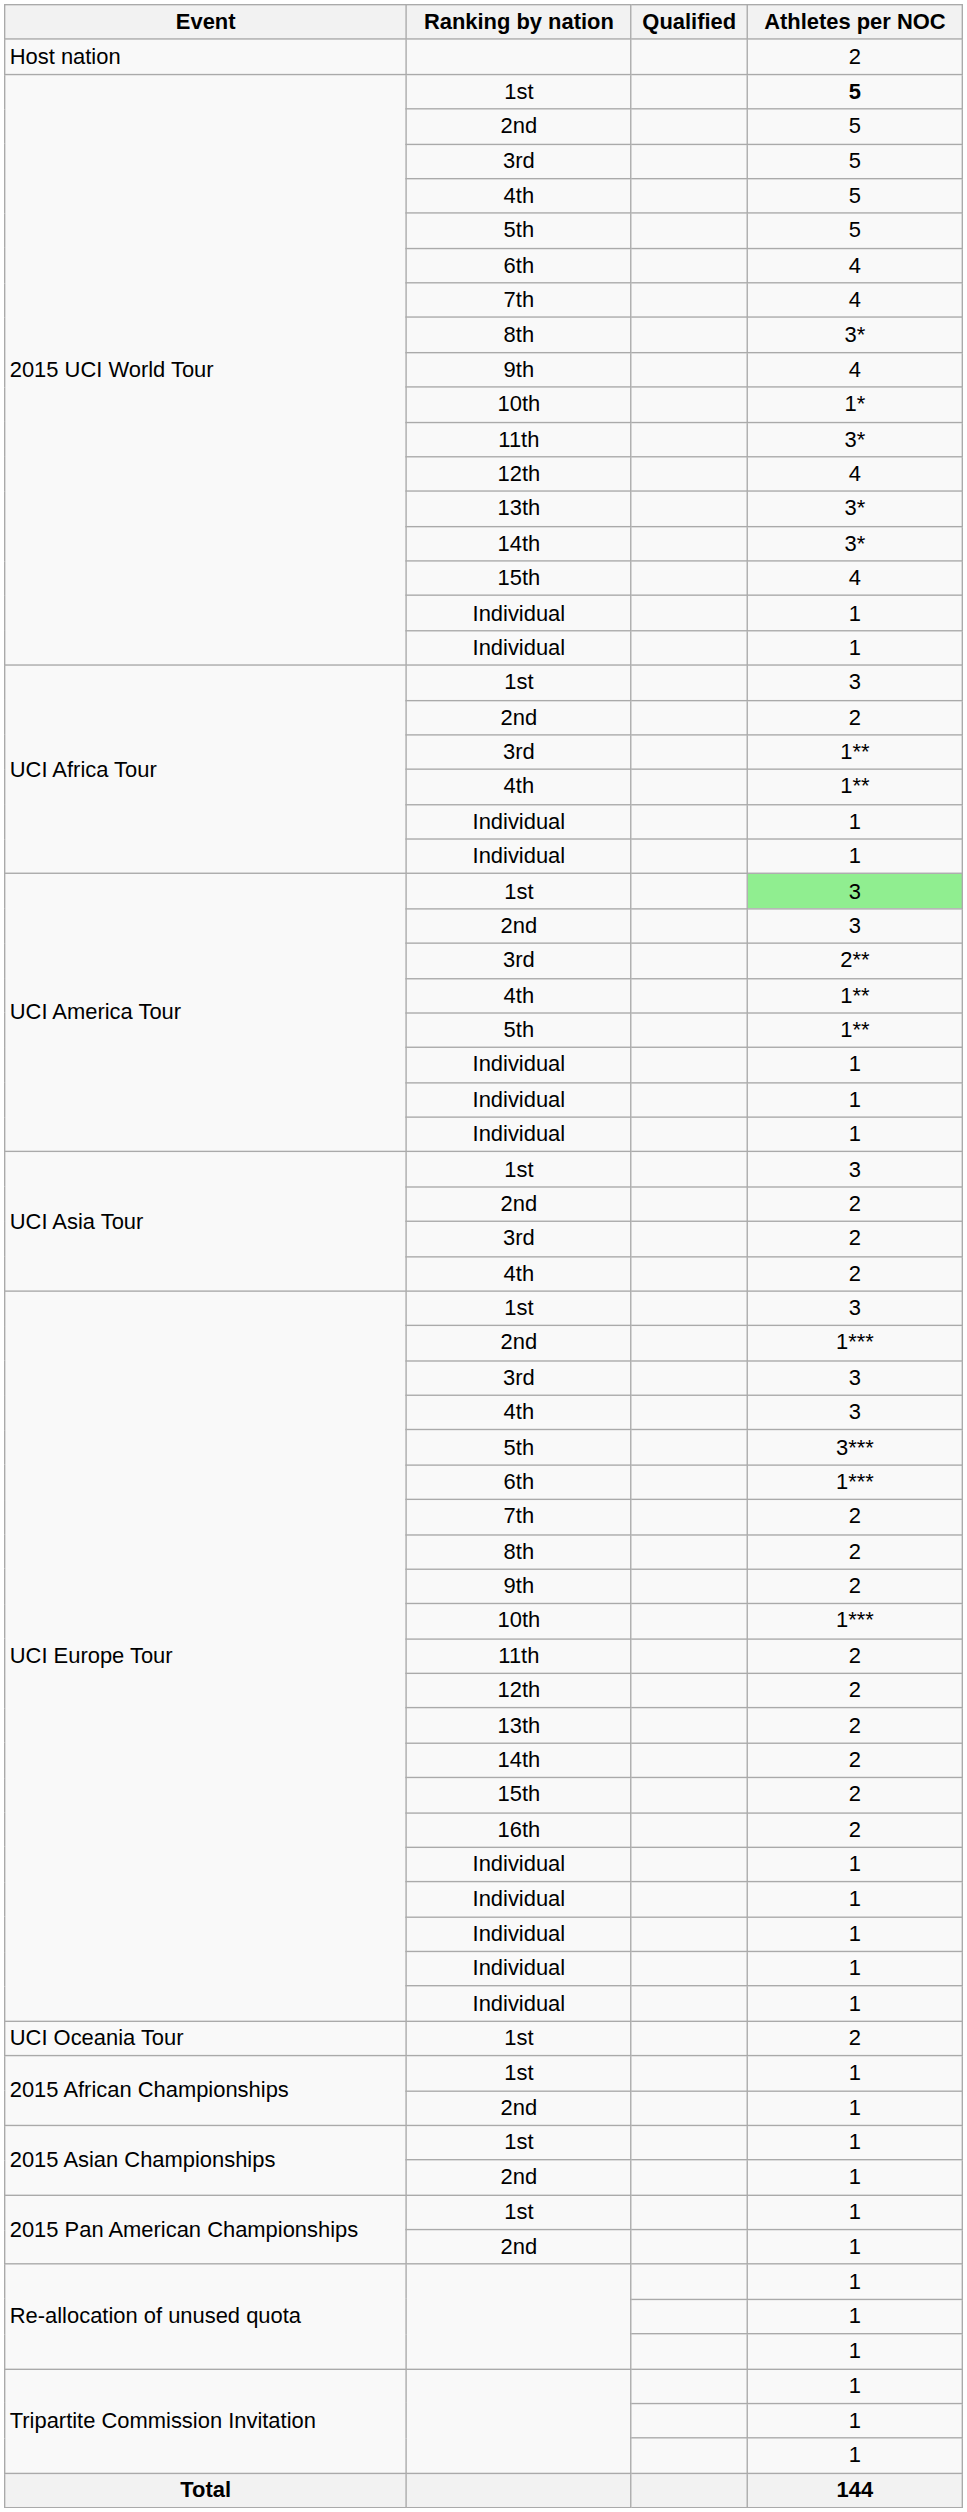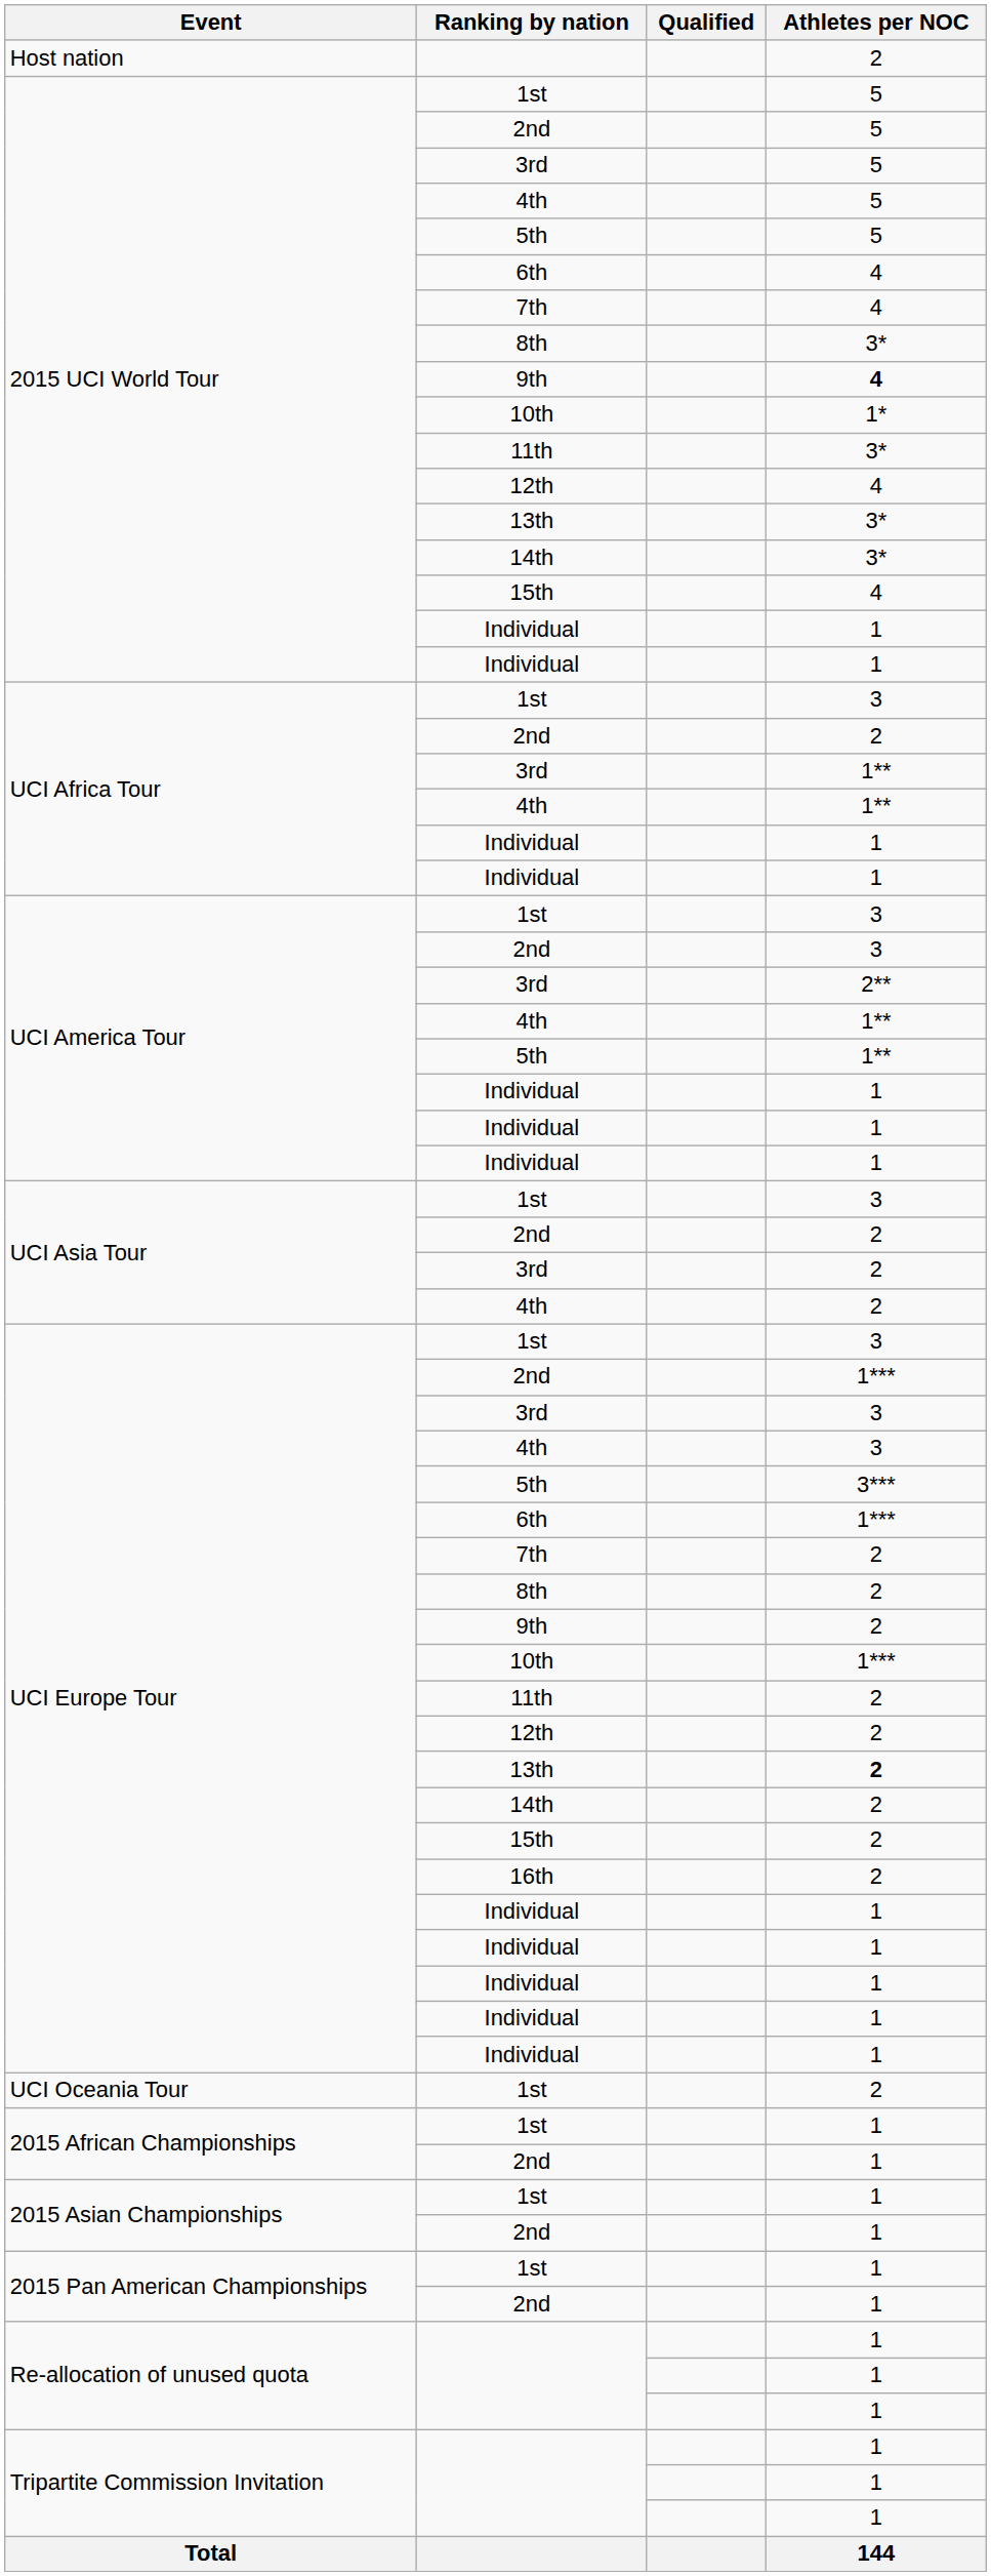 <table class="wikitable"  style="width:700px; text-align:center;">
 <tr>
 <th>Event</th>
 <th>Ranking by nation</th>
 <th>Qualified</th>
 <th>Athletes per NOC</th>
 </tr>
 <tr>
 <td align=left>Host nation</td>
 <td></td>
 <td align="left"></td>
 <td>2</td>
 </tr>
 <tr>
 <td rowspan=17 align=left>2015 UCI World Tour</td>
 <td>1st</td>
 <td align="left"></td>
-<td><strong>5</strong></td>
+<td>5</td>
 </tr>
 <tr>
 <td>2nd</td>
 <td align="left"></td>
 <td>5</td>
 </tr>
 <tr>
 <td>3rd</td>
 <td align="left"></td>
 <td>5</td>
 </tr>
 <tr>
 <td>4th</td>
 <td align="left"></td>
 <td>5</td>
 </tr>
 <tr>
 <td>5th</td>
 <td align="left"></td>
 <td>5</td>
 </tr>
 <tr>
 <td>6th</td>
 <td align="left"></td>
 <td>4</td>
 </tr>
 <tr>
 <td>7th</td>
 <td align="left"></td>
 <td>4</td>
 </tr>
 <tr>
 <td>8th</td>
 <td align="left"></td>
 <td>3*</td>
 </tr>
 <tr>
 <td>9th</td>
 <td align="left"></td>
-<td>4</td>
+<td><strong>4</strong></td>
 </tr>
 <tr>
 <td>10th</td>
 <td align="left"></td>
 <td>1*</td>
 </tr>
 <tr>
 <td>11th</td>
 <td align="left"></td>
 <td>3*</td>
 </tr>
 <tr>
 <td>12th</td>
 <td align="left"></td>
 <td>4</td>
 </tr>
 <tr>
 <td>13th</td>
 <td align="left"></td>
 <td>3*</td>
 </tr>
 <tr>
 <td>14th</td>
 <td align="left"></td>
 <td>3*</td>
 </tr>
 <tr>
 <td>15th</td>
 <td align="left"></td>
 <td>4</td>
 </tr>
 <tr>
 <td>Individual</td>
 <td align="left"></td>
 <td>1</td>
 </tr>
 <tr>
 <td>Individual</td>
 <td align="left"></td>
 <td>1</td>
 </tr>
 <tr>
 <td rowspan=6 align=left>UCI Africa Tour</td>
 <td>1st</td>
 <td align="left"></td>
 <td>3</td>
 </tr>
 <tr>
 <td>2nd</td>
 <td align="left"></td>
 <td>2</td>
 </tr>
 <tr>
 <td>3rd</td>
 <td align="left"></td>
 <td>1**</td>
 </tr>
 <tr>
 <td>4th</td>
 <td align="left"></td>
 <td>1**</td>
 </tr>
 <tr>
 <td>Individual</td>
 <td align="left"></td>
 <td>1</td>
 </tr>
 <tr>
 <td>Individual</td>
 <td align="left"></td>
 <td>1</td>
 </tr>
 <tr>
 <td rowspan=8 align=left>UCI America Tour</td>
 <td>1st</td>
 <td align="left"></td>
-<td style="background: lightgreen;">3</td>
+<td>3</td>
 </tr>
 <tr>
 <td>2nd</td>
 <td align="left"></td>
 <td>3</td>
 </tr>
 <tr>
 <td>3rd</td>
 <td align="left"></td>
 <td>2**</td>
 </tr>
 <tr>
 <td>4th</td>
 <td align="left"></td>
 <td>1**</td>
 </tr>
 <tr>
 <td>5th</td>
 <td align="left"></td>
 <td>1**</td>
 </tr>
 <tr>
 <td>Individual</td>
 <td align="left"></td>
 <td>1</td>
 </tr>
 <tr>
 <td>Individual</td>
 <td align="left"></td>
 <td>1</td>
 </tr>
 <tr>
 <td>Individual</td>
 <td align="left"></td>
 <td>1</td>
 </tr>
 <tr>
 <td rowspan=4 align=left>UCI Asia Tour</td>
 <td>1st</td>
 <td align="left"></td>
 <td>3</td>
 </tr>
 <tr>
 <td>2nd</td>
 <td align="left"></td>
 <td>2</td>
 </tr>
 <tr>
 <td>3rd</td>
 <td align="left"></td>
 <td>2</td>
 </tr>
 <tr>
 <td>4th</td>
 <td align="left"></td>
 <td>2</td>
 </tr>
 <tr>
 <td rowspan=21 align=left>UCI Europe Tour</td>
 <td>1st</td>
 <td align="left"></td>
 <td>3</td>
 </tr>
 <tr>
 <td>2nd</td>
 <td align="left"></td>
 <td>1***</td>
 </tr>
 <tr>
 <td>3rd</td>
 <td align="left"></td>
 <td>3</td>
 </tr>
 <tr>
 <td>4th</td>
 <td align="left"></td>
 <td>3</td>
 </tr>
 <tr>
 <td>5th</td>
 <td align="left"></td>
 <td>3***</td>
 </tr>
 <tr>
 <td>6th</td>
 <td align="left"></td>
 <td>1***</td>
 </tr>
 <tr>
 <td>7th</td>
 <td align="left"></td>
 <td>2</td>
 </tr>
 <tr>
 <td>8th</td>
 <td align="left"></td>
 <td>2</td>
 </tr>
 <tr>
 <td>9th</td>
 <td align="left"></td>
 <td>2</td>
 </tr>
 <tr>
 <td>10th</td>
 <td align="left"></td>
 <td>1***</td>
 </tr>
 <tr>
 <td>11th</td>
 <td align="left"></td>
 <td>2</td>
 </tr>
 <tr>
 <td>12th</td>
 <td align="left"></td>
 <td>2</td>
 </tr>
 <tr>
 <td>13th</td>
 <td align="left"></td>
-<td>2</td>
+<td><strong>2</strong></td>
 </tr>
 <tr>
 <td>14th</td>
 <td align="left"></td>
 <td>2</td>
 </tr>
 <tr>
 <td>15th</td>
 <td align="left"></td>
 <td>2</td>
 </tr>
 <tr>
 <td>16th</td>
 <td align="left"><s></s></td>
 <td>2</td>
 </tr>
 <tr>
 <td>Individual</td>
 <td align="left"></td>
 <td>1</td>
 </tr>
 <tr>
 <td>Individual</td>
 <td align="left"></td>
 <td>1</td>
 </tr>
 <tr>
 <td>Individual</td>
 <td align="left"></td>
 <td>1</td>
 </tr>
 <tr>
 <td>Individual</td>
 <td align="left"></td>
 <td>1</td>
 </tr>
 <tr>
 <td>Individual</td>
 <td align="left"></td>
 <td>1</td>
 </tr>
 <tr>
 <td align=left>UCI Oceania Tour</td>
 <td>1st</td>
 <td align="left"></td>
 <td>2</td>
 </tr>
 <tr>
 <td rowspan=2 align=left>2015 African Championships</td>
 <td>1st</td>
 <td align="left"></td>
 <td>1</td>
 </tr>
 <tr>
 <td>2nd</td>
 <td align="left"></td>
 <td>1</td>
 </tr>
 <tr>
 <td rowspan=2 align=left>2015 Asian Championships</td>
 <td>1st</td>
 <td align="left"></td>
 <td>1</td>
 </tr>
 <tr>
 <td>2nd</td>
 <td align="left"></td>
 <td>1</td>
 </tr>
 <tr>
 <td rowspan=2 align=left>2015 Pan American Championships</td>
 <td>1st</td>
 <td align="left"></td>
 <td>1</td>
 </tr>
 <tr>
 <td>2nd</td>
 <td align="left"></td>
 <td>1</td>
 </tr>
 <tr>
 <td rowspan=3 align=left>Re-allocation of unused quota</td>
 <td rowspan=3></td>
 <td align="left"></td>
 <td>1</td>
 </tr>
 <tr>
 <td align="left"></td>
 <td>1</td>
 </tr>
 <tr>
 <td align="left"></td>
 <td>1</td>
 </tr>
 <tr>
 <td rowspan=3 align=left>Tripartite Commission Invitation</td>
 <td rowspan=3></td>
 <td align=left></td>
 <td>1</td>
 </tr>
 <tr>
 <td align="left"></td>
 <td>1</td>
 </tr>
 <tr>
 <td align="left"></td>
 <td>1</td>
 </tr>
 <tr>
 <th>Total</th>
 <th></th>
 <th></th>
 <th>144</th>
 </tr>
 </table>
